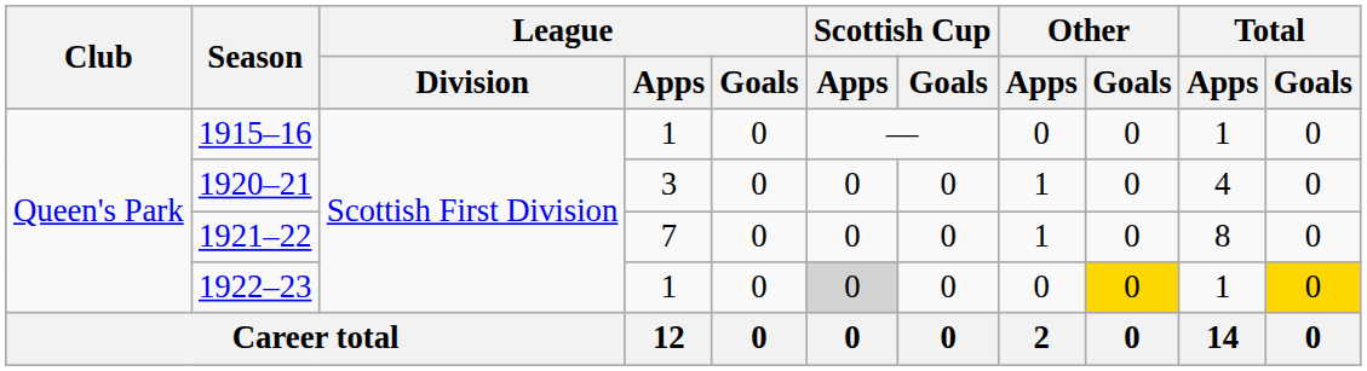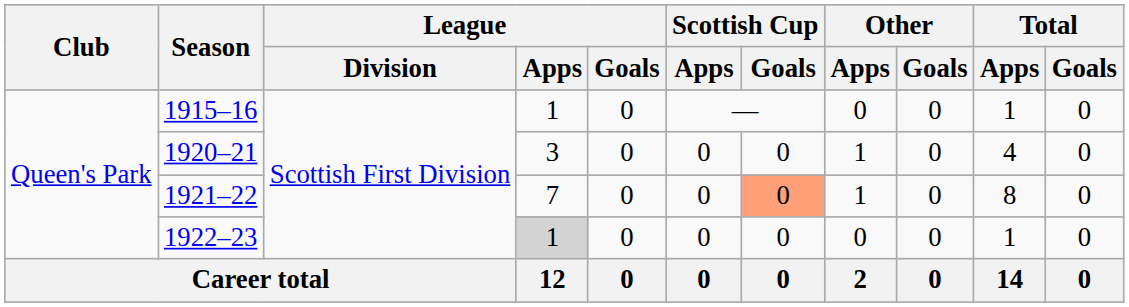 <table class="wikitable" style="text-align: center;">
 <tr>
 <th rowspan="2">Club</th>
 <th rowspan="2">Season</th>
 <th colspan="3">League</th>
 <th colspan="2">Scottish Cup</th>
 <th colspan="2">Other</th>
 <th colspan="2">Total</th>
 </tr>
 <tr>
 <th>Division</th>
 <th>Apps</th>
 <th>Goals</th>
 <th>Apps</th>
 <th>Goals</th>
 <th>Apps</th>
 <th>Goals</th>
 <th>Apps</th>
 <th>Goals</th>
 </tr>
 <tr>
 <td rowspan="4"><a href='#'>Queen's Park</a></td>
 <td><a href='#'>1915–16</a></td>
 <td rowspan="4"><a href='#'>Scottish First Division</a></td>
 <td>1</td>
 <td>0</td>
 <td colspan="2">—</td>
 <td>0</td>
 <td>0</td>
 <td>1</td>
 <td>0</td>
 </tr>
 <tr>
 <td><a href='#'>1920–21</a></td>
 <td>3</td>
 <td>0</td>
 <td>0</td>
 <td>0</td>
 <td>1</td>
 <td>0</td>
 <td>4</td>
 <td>0</td>
 </tr>
 <tr>
 <td><a href='#'>1921–22</a></td>
 <td>7</td>
 <td>0</td>
 <td>0</td>
-<td>0</td>
+<td style="background: lightsalmon;">0</td>
 <td>1</td>
 <td>0</td>
 <td>8</td>
 <td>0</td>
 </tr>
 <tr>
 <td><a href='#'>1922–23</a></td>
+<td style="background: lightgrey;">1</td>
+<td>0</td>
+<td>0</td>
+<td>0</td>
+<td>0</td>
+<td>0</td>
 <td>1</td>
 <td>0</td>
-<td style="background: lightgrey;">0</td>
-<td>0</td>
-<td>0</td>
-<td style="background: gold;">0</td>
-<td>1</td>
-<td style="background: gold;">0</td>
 </tr>
 <tr>
 <th colspan="3">Career total</th>
 <th>12</th>
 <th>0</th>
 <th>0</th>
 <th>0</th>
 <th>2</th>
 <th>0</th>
 <th>14</th>
 <th>0</th>
 </tr>
 </table>
